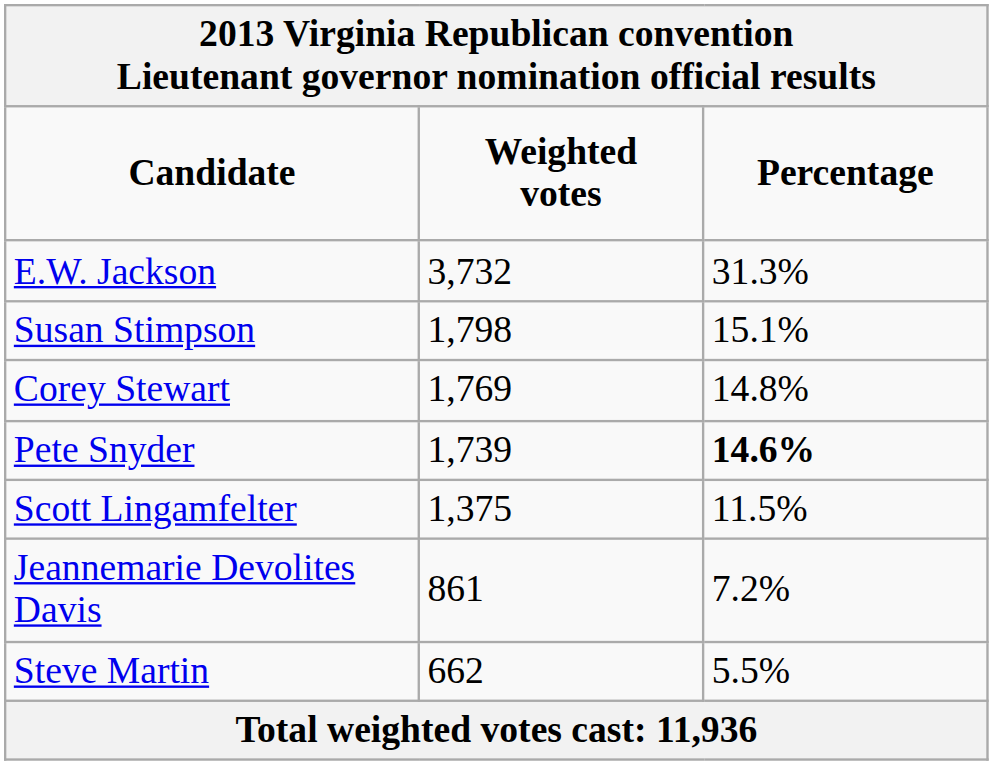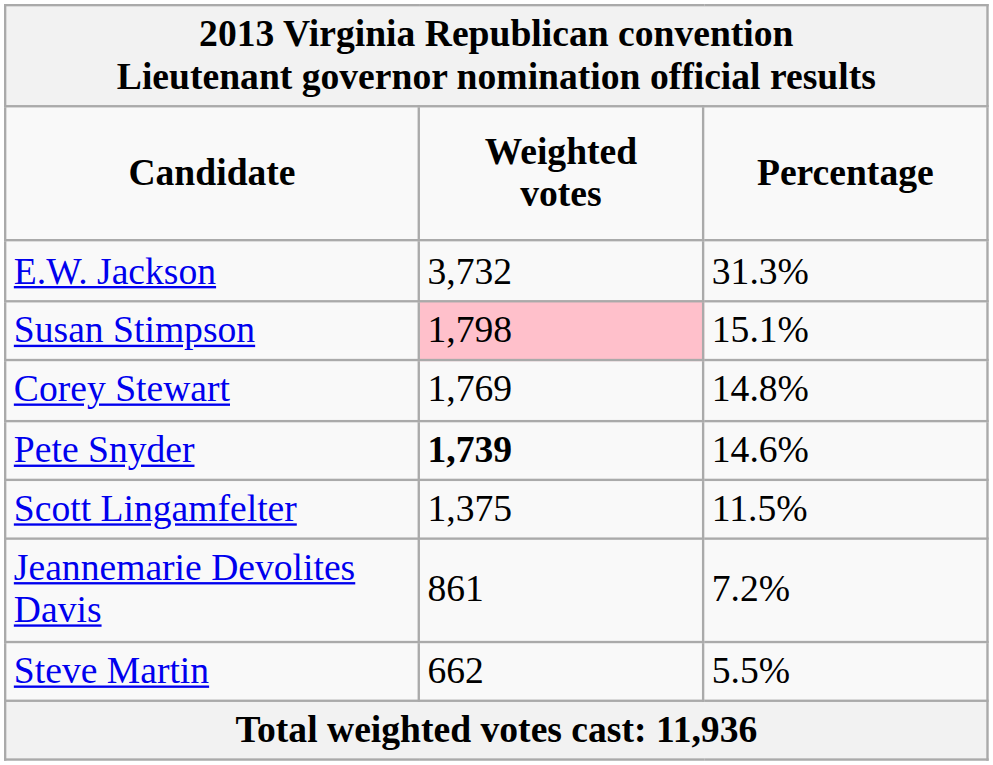 <table class="wikitable">
 <tr>
 <th colspan="3"><strong>2013 Virginia Republican convention<br> Lieutenant governor nomination official results</strong></th>
 </tr>
 <tr>
 <td style="padding:10px; text-align:center; width:155px;"><strong>Candidate</strong></td>
 <td style="padding:10px; text-align:center; width:100px;"><strong>Weighted votes</strong></td>
 <td style="padding:10px; text-align:center; width:100px;"><strong>Percentage</strong><br></td>
 </tr>
 <tr>
 <td><a href='#'>E.W. Jackson</a></td>
 <td>3,732</td>
 <td>31.3%</td>
 </tr>
 <tr>
 <td><a href='#'>Susan Stimpson</a></td>
-<td>1,798</td>
+<td style="background: pink;">1,798</td>
 <td>15.1%</td>
 </tr>
 <tr>
 <td><a href='#'>Corey Stewart</a></td>
 <td>1,769</td>
 <td>14.8%</td>
 </tr>
 <tr>
 <td><a href='#'>Pete Snyder</a></td>
-<td>1,739</td>
-<td><strong>14.6%</strong></td>
+<td><strong>1,739</strong></td>
+<td>14.6%</td>
 </tr>
 <tr>
 <td><a href='#'>Scott Lingamfelter</a></td>
 <td>1,375</td>
 <td>11.5%</td>
 </tr>
 <tr>
 <td><a href='#'>Jeannemarie Devolites Davis</a></td>
 <td>861</td>
 <td>7.2%</td>
 </tr>
 <tr>
 <td><a href='#'>Steve Martin</a></td>
 <td>662</td>
 <td>5.5%</td>
 </tr>
 <tr>
 <th colspan="3">Total weighted votes cast: 11,936</th>
 </tr>
 </table>
